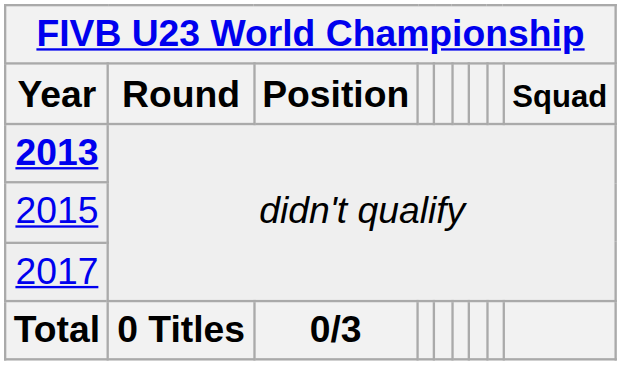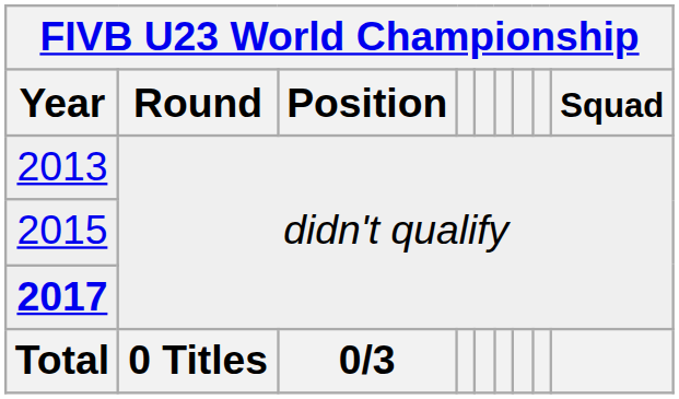 <table class="wikitable" style="text-align: center;">
 <tr>
 <th colspan=9><a href='#'>FIVB U23 World Championship</a></th>
 </tr>
 <tr>
 <th>Year</th>
 <th>Round</th>
 <th>Position</th>
 <th></th>
 <th></th>
 <th></th>
 <th></th>
 <th></th>
 <th><small>Squad</small></th>
 </tr>
 <tr bgcolor="efefef">
-<td><strong> <a href='#'>2013</a></strong></td>
+<td> <a href='#'>2013</a></td>
 <td colspan=9 rowspan=3><em>didn't qualify</em></td>
 </tr>
 <tr bgcolor="efefef">
 <td> <a href='#'>2015</a></td>
 </tr>
 <tr bgcolor="efefef">
-<td> <a href='#'>2017</a></td>
+<td><strong> <a href='#'>2017</a></strong></td>
 </tr>
 <tr>
 <th>Total</th>
 <th>0 Titles</th>
 <th>0/3</th>
 <th></th>
 <th></th>
 <th></th>
 <th></th>
 <th></th>
 <th></th>
 </tr>
 </table>
